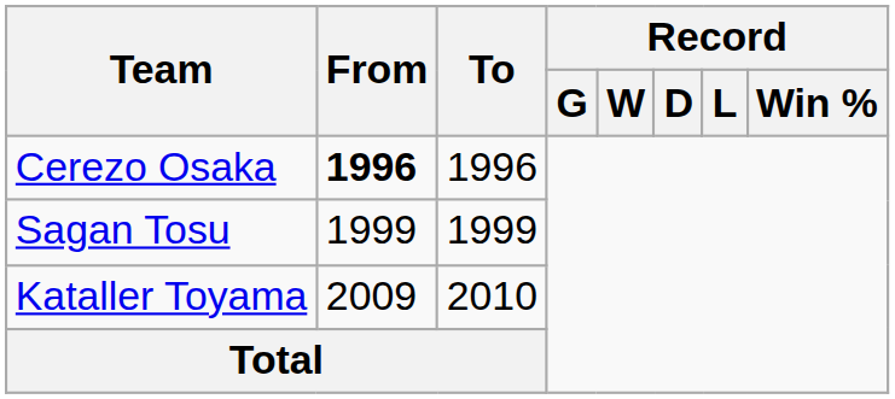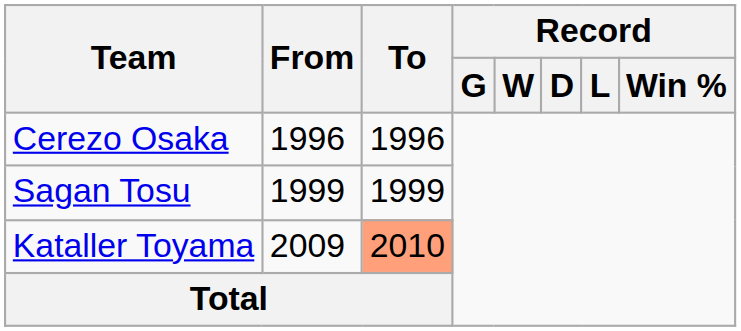 <table class="wikitable" style="text-align: center">
 <tr>
 <th rowspan="2">Team</th>
 <th rowspan="2">From</th>
 <th rowspan="2">To</th>
 <th colspan="5">Record</th>
 </tr>
 <tr>
 <th>G</th>
 <th>W</th>
 <th>D</th>
 <th>L</th>
 <th>Win %</th>
 </tr>
 <tr>
 <td align="left"><a href='#'>Cerezo Osaka</a></td>
-<td align="left"><strong>1996</strong></td>
+<td align="left">1996</td>
 <td align="left">1996<br></td>
 </tr>
 <tr>
 <td align="left"><a href='#'>Sagan Tosu</a></td>
 <td align="left">1999</td>
 <td align="left">1999<br></td>
 </tr>
 <tr>
 <td align="left"><a href='#'>Kataller Toyama</a></td>
 <td align="left">2009</td>
-<td align="left">2010<br></td>
+<td align="left" style="background: lightsalmon;">2010<br></td>
 </tr>
 <tr>
 <th colspan="3">Total<br></th>
 </tr>
 </table>
